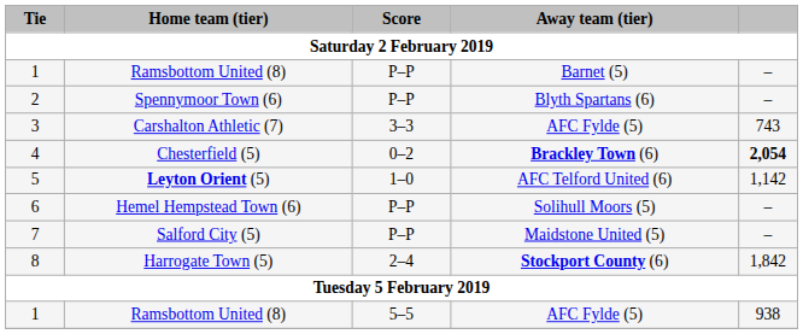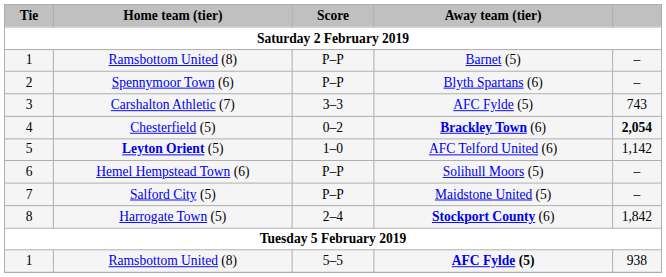 <table class="wikitable" style="width: 700px; background:WhiteSmoke; text-align:center; font-size:90%">
 <tr>
 <td scope="col" style="width:  7.50%; background:silver;"><strong>Tie</strong></td>
 <td scope="col" style="width: 36.25%; background:silver;"><strong>Home team (tier)</strong></td>
 <td scope="col" style="width: 12.50%; background:silver;"><strong>Score</strong></td>
 <td scope="col" style="width: 36.25%; background:silver;"><strong>Away team (tier)</strong></td>
 <td scope="col" style="width:  7.50%; background:silver;"><strong></strong></td>
 </tr>
 <tr>
 <td colspan="5" style= background:White><strong>Saturday 2 February 2019</strong></td>
 </tr>
 <tr>
 <td>1</td>
 <td><a href='#'>Ramsbottom United</a> (8)</td>
 <td>P–P</td>
 <td><a href='#'>Barnet</a> (5)</td>
 <td>–</td>
 </tr>
 <tr>
 <td>2</td>
 <td><a href='#'>Spennymoor Town</a> (6)</td>
 <td>P–P</td>
 <td><a href='#'>Blyth Spartans</a> (6)</td>
 <td>–</td>
 </tr>
 <tr>
 <td>3</td>
 <td><a href='#'>Carshalton Athletic</a> (7)</td>
 <td>3–3</td>
 <td><a href='#'>AFC Fylde</a> (5)</td>
 <td>743</td>
 </tr>
 <tr>
 <td>4</td>
 <td><a href='#'>Chesterfield</a> (5)</td>
 <td>0–2</td>
 <td><strong><a href='#'>Brackley Town</a></strong> (6)</td>
 <td><strong>2,054</strong></td>
 </tr>
 <tr>
 <td>5</td>
 <td><strong><a href='#'>Leyton Orient</a></strong> (5)</td>
 <td>1–0</td>
 <td><a href='#'>AFC Telford United</a> (6)</td>
 <td>1,142</td>
 </tr>
 <tr>
 <td>6</td>
 <td><a href='#'>Hemel Hempstead Town</a> (6)</td>
 <td>P–P</td>
 <td><a href='#'>Solihull Moors</a> (5)</td>
 <td>–</td>
 </tr>
 <tr>
 <td>7</td>
 <td><a href='#'>Salford City</a> (5)</td>
 <td>P–P</td>
 <td><a href='#'>Maidstone United</a> (5)</td>
 <td>–</td>
 </tr>
 <tr>
 <td>8</td>
 <td><a href='#'>Harrogate Town</a> (5)</td>
 <td>2–4</td>
 <td><strong><a href='#'>Stockport County</a></strong> (6)</td>
 <td>1,842</td>
 </tr>
 <tr>
 <td colspan="5" style= background:White><strong>Tuesday 5 February 2019</strong></td>
 </tr>
 <tr>
 <td>1</td>
 <td><a href='#'>Ramsbottom United</a> (8)</td>
 <td>5–5</td>
-<td><a href='#'>AFC Fylde</a> (5)</td>
+<td><strong><a href='#'>AFC Fylde</a> (5)</strong></td>
 <td>938</td>
 </tr>
 <tr>
 </tr>
 </table>
